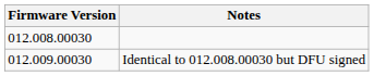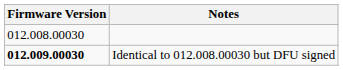 <table class="wikitable">
 <tr>
 <th>Firmware Version</th>
 <th>Notes</th>
 </tr>
 <tr>
 <td>012.008.00030</td>
 <td></td>
 </tr>
 <tr>
-<td>012.009.00030</td>
+<td><strong>012.009.00030</strong></td>
 <td>Identical to 012.008.00030 but DFU signed</td>
 </tr>
 </table>
